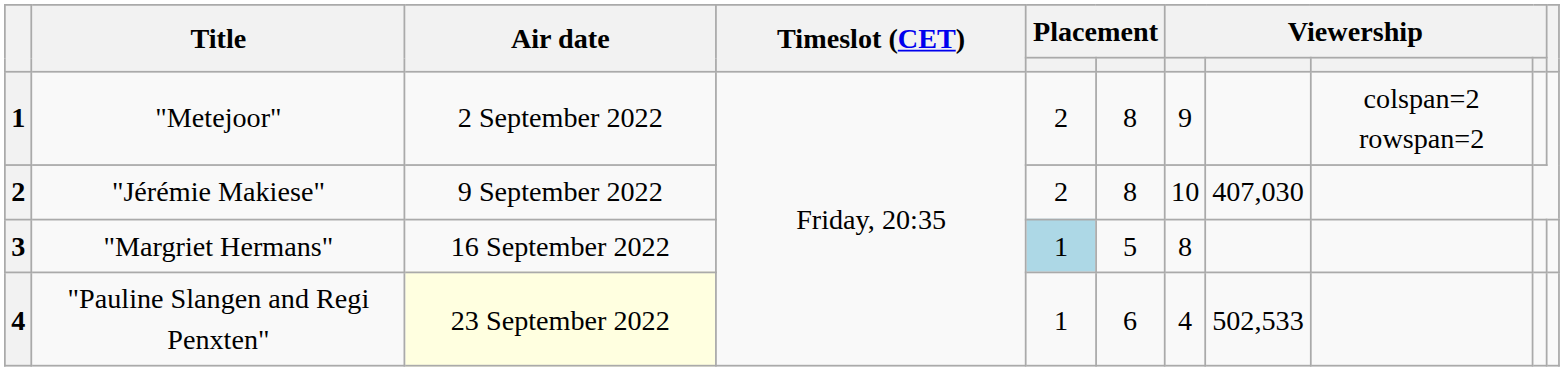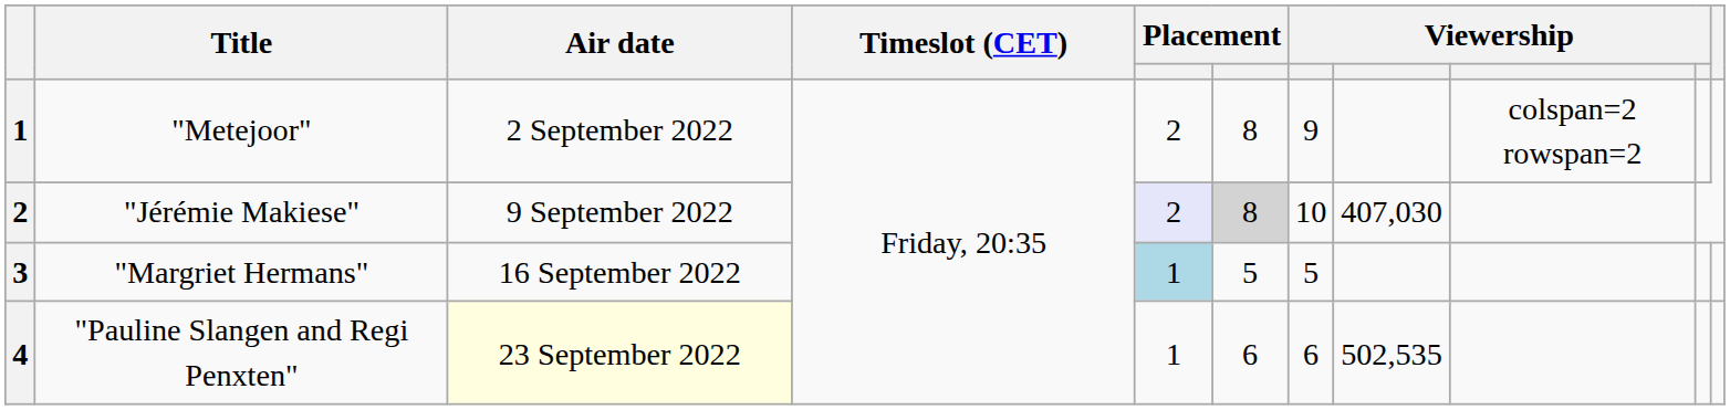 <table class="sortable wikitable plainrowheaders mw-collapsible" style=" text-align:center; line-height:23px; width:100%;">
 <tr>
 <th rowspan=2 class="unsortable"></th>
 <th rowspan=2 class="unsortable" width=24%>Title</th>
 <th rowspan=2 class="unsortable" width=20%>Air date</th>
 <th rowspan=2 class="unsortable" width=20%>Timeslot (<a href='#'>CET</a>)</th>
 <th colspan=2>Placement</th>
 <th colspan=4>Viewership</th>
 <th rowspan=2 class="unsortable"></th>
 </tr>
 <tr>
 <th class="unsortable"></th>
 <th class="unsortable"></th>
 <th class="unsortable"></th>
 <th></th>
 <th></th>
 <th></th>
 </tr>
 <tr>
 <th>1</th>
 <td>"Metejoor"</td>
 <td>2 September 2022</td>
 <td rowspan="4">Friday, 20:35</td>
 <td>2</td>
 <td>8</td>
 <td>9</td>
 <td></td>
 <td>colspan=2 rowspan=2 </td>
 <td></td>
 </tr>
 <tr>
 <th>2</th>
 <td>"Jérémie Makiese"</td>
 <td>9 September 2022</td>
-<td>2</td>
-<td>8</td>
+<td style="background: lavender;">2</td>
+<td style="background: lightgrey;">8</td>
 <td>10</td>
 <td>407,030</td>
 <td></td>
 </tr>
 <tr>
 <th>3</th>
 <td>"Margriet Hermans"</td>
 <td>16 September 2022</td>
 <td style="background: lightblue;">1</td>
 <td>5</td>
-<td>8</td>
+<td>5</td>
 <td></td>
 <td></td>
 <td></td>
 <td></td>
 </tr>
 <tr>
 <th>4</th>
 <td>"Pauline Slangen and Regi Penxten"</td>
 <td style="background: lightyellow;">23 September 2022</td>
 <td>1</td>
 <td>6</td>
-<td>4</td>
-<td>502,533</td>
+<td>6</td>
+<td>502,535</td>
 <td></td>
 <td></td>
 <td></td>
 </tr>
 </table>
